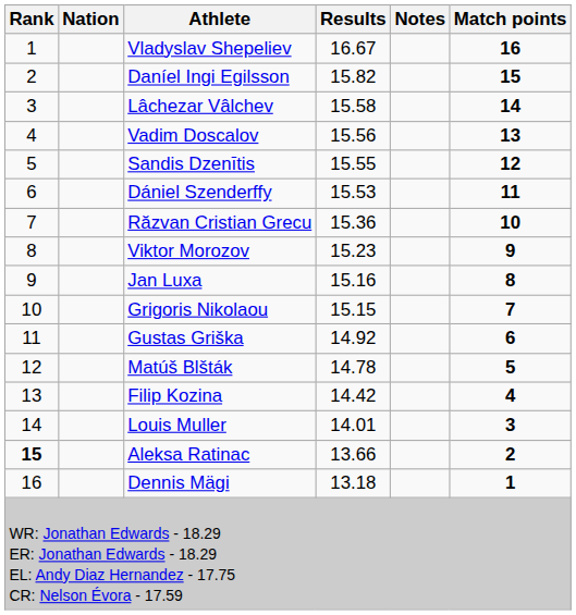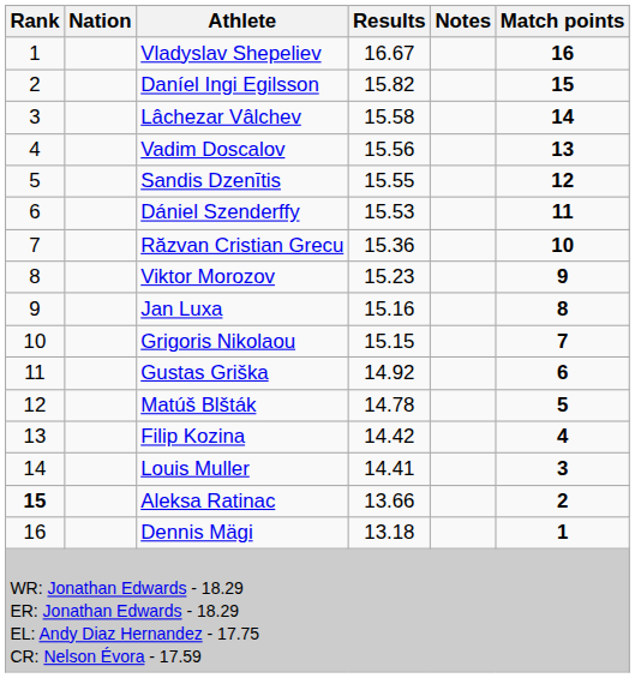 <table class="wikitable sortable" style="text-align:left;">
 <tr>
 <th>Rank</th>
 <th>Nation</th>
 <th>Athlete</th>
 <th>Results</th>
 <th>Notes</th>
 <th>Match points</th>
 </tr>
 <tr>
 <td align=center>1</td>
 <td></td>
 <td><a href='#'>Vladyslav Shepeliev</a></td>
 <td align=center>16.67</td>
 <td align=center></td>
 <td align=center><strong>16</strong></td>
 </tr>
 <tr>
 <td align=center>2</td>
 <td></td>
 <td><a href='#'>Daníel Ingi Egilsson</a></td>
 <td align=center>15.82</td>
 <td></td>
 <td align=center><strong>15</strong></td>
 </tr>
 <tr>
 <td align=center>3</td>
 <td></td>
 <td><a href='#'>Lâchezar Vâlchev</a></td>
 <td align=center>15.58</td>
 <td></td>
 <td align=center><strong>14</strong></td>
 </tr>
 <tr>
 <td align=center>4</td>
 <td></td>
 <td><a href='#'>Vadim Doscalov</a></td>
 <td align=center>15.56</td>
 <td></td>
 <td align=center><strong>13</strong></td>
 </tr>
 <tr>
 <td align=center>5</td>
 <td></td>
 <td><a href='#'>Sandis Dzenītis</a></td>
 <td align=center>15.55</td>
 <td align=center></td>
 <td align=center><strong>12</strong></td>
 </tr>
 <tr>
 <td align=center>6</td>
 <td></td>
 <td><a href='#'>Dániel Szenderffy</a></td>
 <td align=center>15.53</td>
 <td></td>
 <td align=center><strong>11</strong></td>
 </tr>
 <tr>
 <td align=center>7</td>
 <td></td>
 <td><a href='#'>Răzvan Cristian Grecu</a></td>
 <td align=center>15.36</td>
 <td></td>
 <td align=center><strong>10</strong></td>
 </tr>
 <tr>
 <td align=center>8</td>
 <td></td>
 <td><a href='#'>Viktor Morozov</a></td>
 <td align=center>15.23</td>
 <td></td>
 <td align=center><strong>9</strong></td>
 </tr>
 <tr>
 <td align=center>9</td>
 <td></td>
 <td><a href='#'>Jan Luxa</a></td>
 <td align=center>15.16</td>
 <td></td>
 <td align=center><strong>8</strong></td>
 </tr>
 <tr>
 <td align=center>10</td>
 <td></td>
 <td><a href='#'>Grigoris Nikolaou</a></td>
 <td align=center>15.15</td>
 <td></td>
 <td align=center><strong>7</strong></td>
 </tr>
 <tr>
 <td align=center>11</td>
 <td></td>
 <td><a href='#'>Gustas Griška</a></td>
 <td align=center>14.92</td>
 <td></td>
 <td align=center><strong>6</strong></td>
 </tr>
 <tr>
 <td align=center>12</td>
 <td></td>
 <td><a href='#'>Matúš Blšták</a></td>
 <td align=center>14.78</td>
 <td></td>
 <td align=center><strong>5</strong></td>
 </tr>
 <tr>
 <td align=center>13</td>
 <td></td>
 <td><a href='#'>Filip Kozina</a></td>
 <td align=center>14.42</td>
 <td></td>
 <td align=center><strong>4</strong></td>
 </tr>
 <tr>
 <td align=center>14</td>
 <td></td>
 <td><a href='#'>Louis Muller</a></td>
-<td align=center>14.01</td>
+<td align=center>14.41</td>
 <td align=center></td>
 <td align=center><strong>3</strong></td>
 </tr>
 <tr>
 <td align=center><strong>15</strong></td>
 <td></td>
 <td><a href='#'>Aleksa Ratinac</a></td>
 <td align=center>13.66</td>
 <td></td>
 <td align=center><strong>2</strong></td>
 </tr>
 <tr>
 <td align=center>16</td>
 <td></td>
 <td><a href='#'>Dennis Mägi</a></td>
 <td align=center>13.18</td>
 <td></td>
 <td align=center><strong>1</strong></td>
 </tr>
 <tr>
 <td colspan="6" bgcolor="#cccccc"><br> <small>WR:   <a href='#'>Jonathan Edwards</a> - 18.29<br>ER:  <a href='#'>Jonathan Edwards</a> - 18.29<br></small> <small>EL:   <a href='#'>Andy Diaz Hernandez</a> - 17.75<br>CR:  <a href='#'>Nelson Évora</a> - 17.59</small></td>
 </tr>
 </table>
